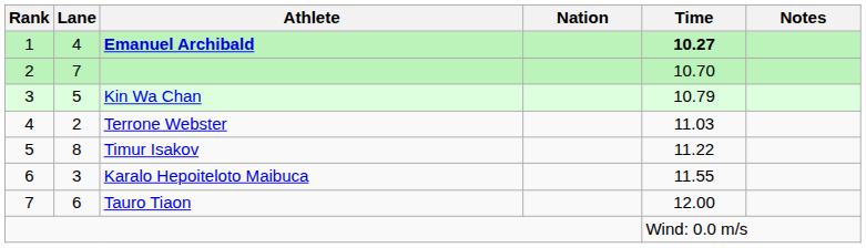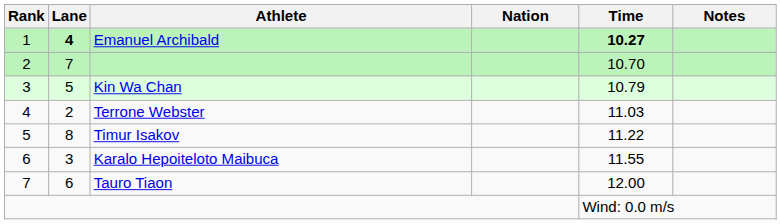 <table class="wikitable sortable" style="text-align:center;width: 65%;">
 <tr>
 <th scope="col" style="width: 10px;">Rank</th>
 <th scope="col" style="width: 10px;">Lane</th>
 <th scope="col">Athlete</th>
 <th scope="col">Nation</th>
 <th scope="col">Time</th>
 <th scope="col">Notes</th>
 </tr>
 <tr bgcolor=bbf3bb>
 <td>1</td>
-<td>4</td>
-<td align=left><strong><a href='#'>Emanuel Archibald</a></strong></td>
+<td><strong>4</strong></td>
+<td align=left><a href='#'>Emanuel Archibald</a></td>
 <td align=left></td>
 <td><strong>10.27</strong></td>
 <td></td>
 </tr>
 <tr bgcolor=bbf3bb>
 <td>2</td>
 <td>7</td>
 <td align=left></td>
 <td align=left></td>
 <td>10.70</td>
 <td></td>
 </tr>
 <tr bgcolor=ddffdd>
 <td>3</td>
 <td>5</td>
 <td align=left><a href='#'>Kin Wa Chan</a></td>
 <td align=left></td>
 <td>10.79</td>
 <td></td>
 </tr>
 <tr>
 <td>4</td>
 <td>2</td>
 <td align=left><a href='#'>Terrone Webster</a></td>
 <td align=left></td>
 <td>11.03</td>
 <td></td>
 </tr>
 <tr>
 <td>5</td>
 <td>8</td>
 <td align=left><a href='#'>Timur Isakov</a></td>
 <td align=left></td>
 <td>11.22</td>
 <td></td>
 </tr>
 <tr>
 <td>6</td>
 <td>3</td>
 <td align=left><a href='#'>Karalo Hepoiteloto Maibuca</a></td>
 <td align=left></td>
 <td>11.55</td>
 <td></td>
 </tr>
 <tr>
 <td>7</td>
 <td>6</td>
 <td align=left><a href='#'>Tauro Tiaon</a></td>
 <td align=left></td>
 <td>12.00</td>
 <td></td>
 </tr>
 <tr class="sortbottom">
 <td colspan="4"></td>
 <td colspan="2" style="text-align:left;">Wind: 0.0 m/s</td>
 </tr>
 </table>
